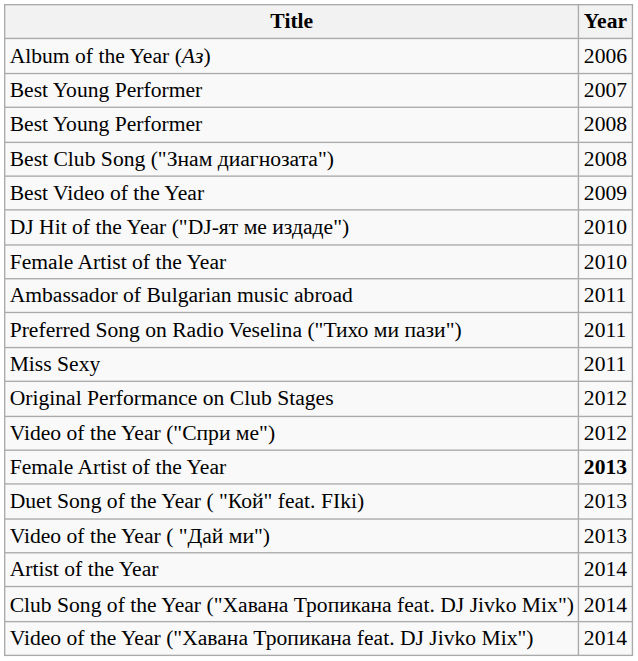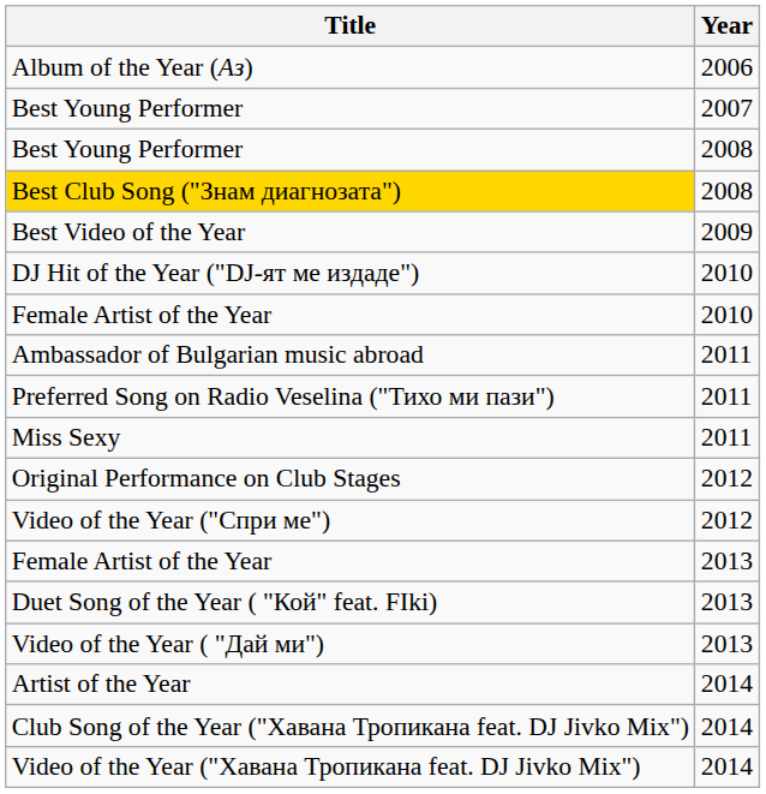 <table class="wikitable sortable">
 <tr>
 <th>Title</th>
 <th>Year</th>
 </tr>
 <tr>
 <td>Album of the Year (<em>Аз</em>)</td>
 <td>2006</td>
 </tr>
 <tr>
 <td>Best Young Performer</td>
 <td>2007</td>
 </tr>
 <tr>
 <td>Best Young Performer</td>
 <td>2008</td>
 </tr>
 <tr>
-<td>Best Club Song ("Знам диагнозата")</td>
+<td style="background: gold;">Best Club Song ("Знам диагнозата")</td>
 <td>2008</td>
 </tr>
 <tr>
 <td>Best Video of the Year</td>
 <td>2009</td>
 </tr>
 <tr>
 <td>DJ Hit of the Year ("DJ-ят ме издаде")</td>
 <td>2010</td>
 </tr>
 <tr>
 <td>Female Artist of the Year</td>
 <td>2010</td>
 </tr>
 <tr>
 <td>Ambassador of Bulgarian music abroad</td>
 <td>2011</td>
 </tr>
 <tr>
 <td>Preferred Song on Radio Veselina ("Тихо ми пази")</td>
 <td>2011</td>
 </tr>
 <tr>
 <td>Miss Sexy</td>
 <td>2011</td>
 </tr>
 <tr>
 <td>Original Performance on Club Stages</td>
 <td>2012</td>
 </tr>
 <tr>
 <td>Video of the Year ("Спри ме")</td>
 <td>2012</td>
 </tr>
 <tr>
 <td>Female Artist of the Year</td>
-<td><strong>2013</strong></td>
+<td>2013</td>
 </tr>
 <tr>
 <td>Duet Song of the Year ( "Кой" feat. FIki)</td>
 <td>2013</td>
 </tr>
 <tr>
 <td>Video of the Year ( "Дай ми")</td>
 <td>2013</td>
 </tr>
 <tr>
 <td>Artist of the Year</td>
 <td>2014</td>
 </tr>
 <tr>
 <td>Club Song of the Year ("Хавана Тропикана feat. DJ Jivko Mix")</td>
 <td>2014</td>
 </tr>
 <tr>
 <td>Video of the Year ("Хавана Тропикана feat. DJ Jivko Mix")</td>
 <td>2014</td>
 </tr>
 </table>
